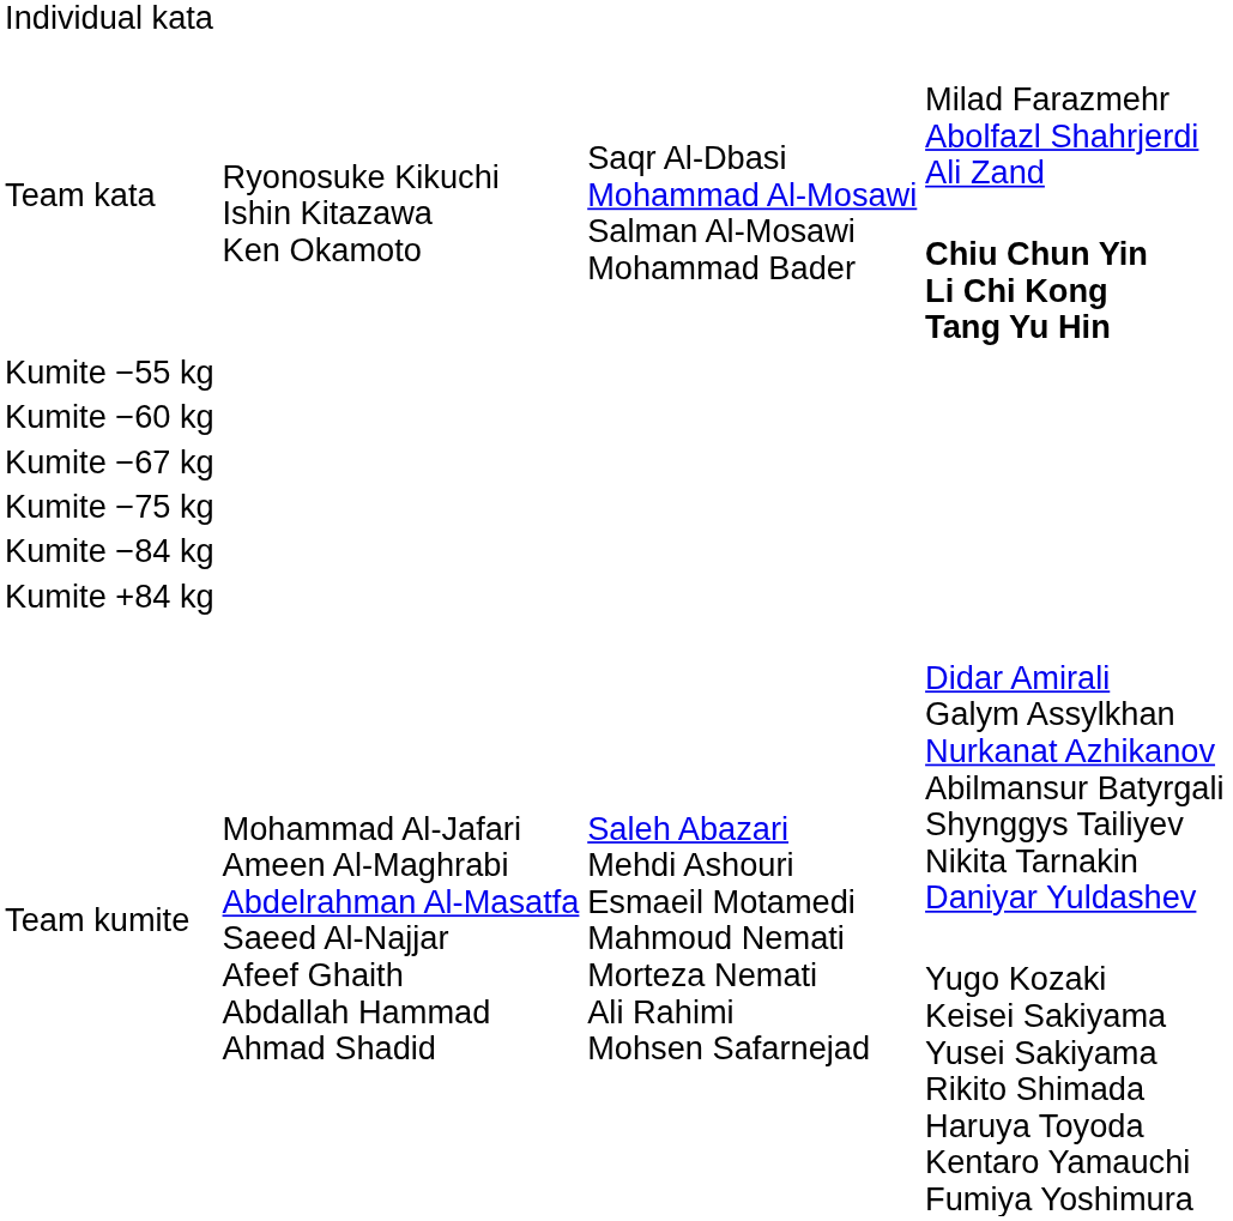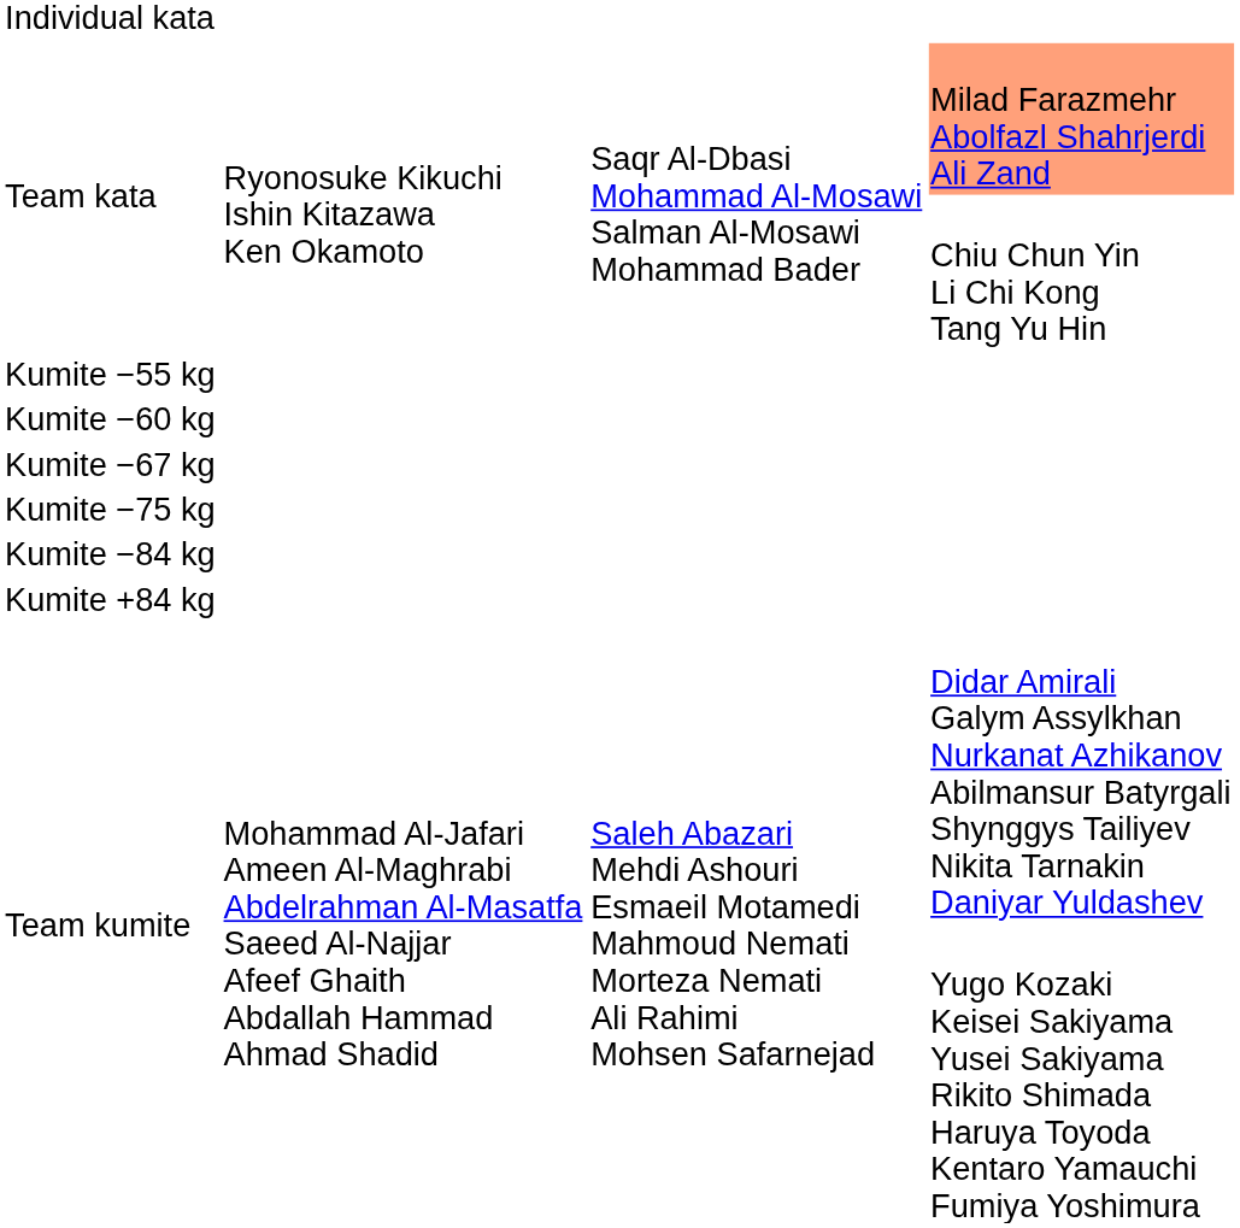 <table>
 <tr>
 <td rowspan=2>Individual kata</td>
 <td rowspan=2></td>
 <td rowspan=2></td>
 <td></td>
 </tr>
 <tr>
 <td></td>
 </tr>
 <tr>
 <td rowspan=2>Team kata</td>
 <td rowspan=2><br>Ryonosuke Kikuchi<br>Ishin Kitazawa<br>Ken Okamoto</td>
 <td rowspan=2><br>Saqr Al-Dbasi<br><a href='#'>Mohammad Al-Mosawi</a><br>Salman Al-Mosawi<br>Mohammad Bader</td>
-<td><br>Milad Farazmehr<br><a href='#'>Abolfazl Shahrjerdi</a><br><a href='#'>Ali Zand</a></td>
+<td style="background: lightsalmon;"><br>Milad Farazmehr<br><a href='#'>Abolfazl Shahrjerdi</a><br><a href='#'>Ali Zand</a></td>
 </tr>
 <tr>
-<td><strong><br>Chiu Chun Yin<br>Li Chi Kong<br>Tang Yu Hin</strong></td>
+<td><br>Chiu Chun Yin<br>Li Chi Kong<br>Tang Yu Hin</td>
 </tr>
 <tr>
 <td rowspan=2>Kumite −55 kg</td>
 <td rowspan=2></td>
 <td rowspan=2></td>
 <td></td>
 </tr>
 <tr>
 <td></td>
 </tr>
 <tr>
 <td rowspan=2>Kumite −60 kg</td>
 <td rowspan=2></td>
 <td rowspan=2></td>
 <td></td>
 </tr>
 <tr>
 <td></td>
 </tr>
 <tr>
 <td rowspan=2>Kumite −67 kg</td>
 <td rowspan=2></td>
 <td rowspan=2></td>
 <td></td>
 </tr>
 <tr>
 <td></td>
 </tr>
 <tr>
 <td rowspan=2>Kumite −75 kg</td>
 <td rowspan=2></td>
 <td rowspan=2></td>
 <td></td>
 </tr>
 <tr>
 <td></td>
 </tr>
 <tr>
 <td rowspan=2>Kumite −84 kg</td>
 <td rowspan=2></td>
 <td rowspan=2></td>
 <td></td>
 </tr>
 <tr>
 <td></td>
 </tr>
 <tr>
 <td rowspan=2>Kumite +84 kg</td>
 <td rowspan=2></td>
 <td rowspan=2></td>
 <td></td>
 </tr>
 <tr>
 <td></td>
 </tr>
 <tr>
 <td rowspan=2>Team kumite</td>
 <td rowspan=2><br>Mohammad Al-Jafari<br>Ameen Al-Maghrabi<br><a href='#'>Abdelrahman Al-Masatfa</a><br>Saeed Al-Najjar<br>Afeef Ghaith<br>Abdallah Hammad<br>Ahmad Shadid</td>
 <td rowspan=2><br><a href='#'>Saleh Abazari</a><br>Mehdi Ashouri<br>Esmaeil Motamedi<br>Mahmoud Nemati<br>Morteza Nemati<br>Ali Rahimi<br>Mohsen Safarnejad</td>
 <td><br><a href='#'>Didar Amirali</a><br>Galym Assylkhan<br><a href='#'>Nurkanat Azhikanov</a><br>Abilmansur Batyrgali<br>Shynggys Tailiyev<br>Nikita Tarnakin<br><a href='#'>Daniyar Yuldashev</a></td>
 </tr>
 <tr>
 <td><br>Yugo Kozaki<br>Keisei Sakiyama<br>Yusei Sakiyama<br>Rikito Shimada<br>Haruya Toyoda<br>Kentaro Yamauchi<br>Fumiya Yoshimura</td>
 </tr>
 </table>
